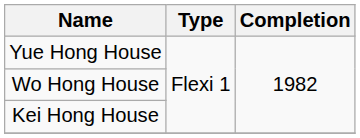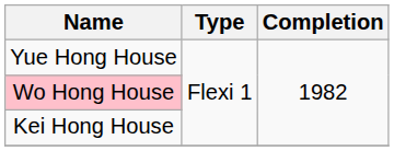 <table class="wikitable" style="text-align: center">
 <tr>
 <th>Name</th>
 <th>Type</th>
 <th>Completion</th>
 </tr>
 <tr>
 <td>Yue Hong House</td>
 <td rowspan="3">Flexi 1</td>
 <td rowspan="3">1982</td>
 </tr>
 <tr>
-<td>Wo Hong House</td>
+<td style="background: pink;">Wo Hong House</td>
 </tr>
 <tr>
 <td>Kei Hong House</td>
 </tr>
 <tr>
 </tr>
 </table>
